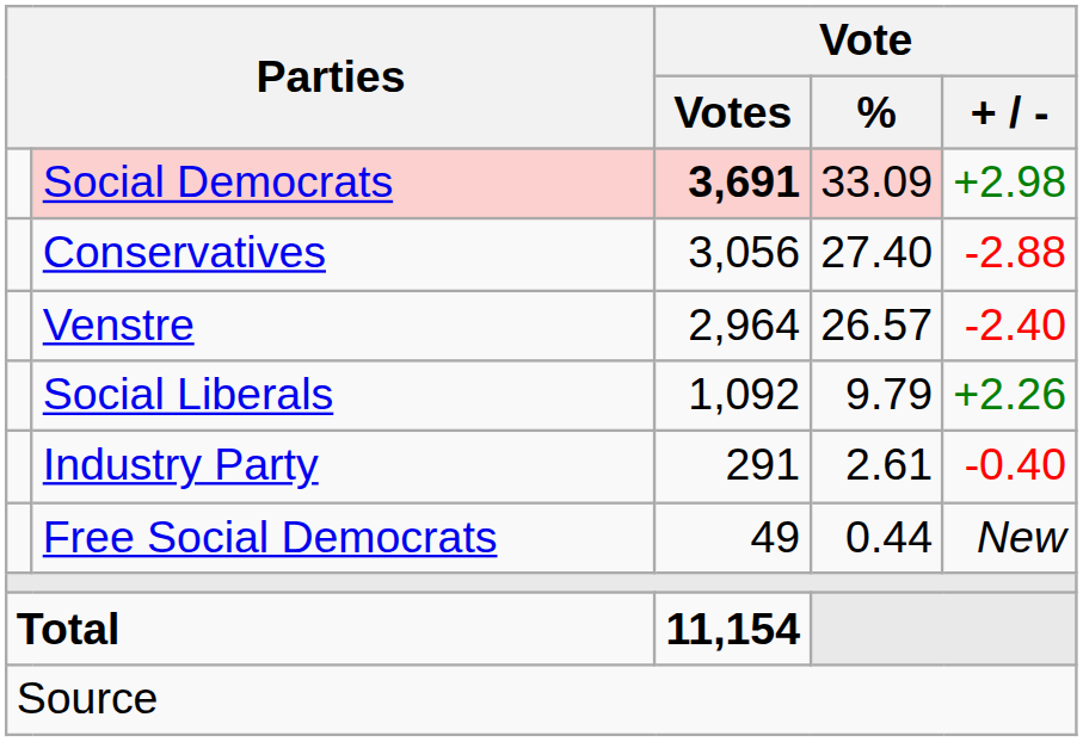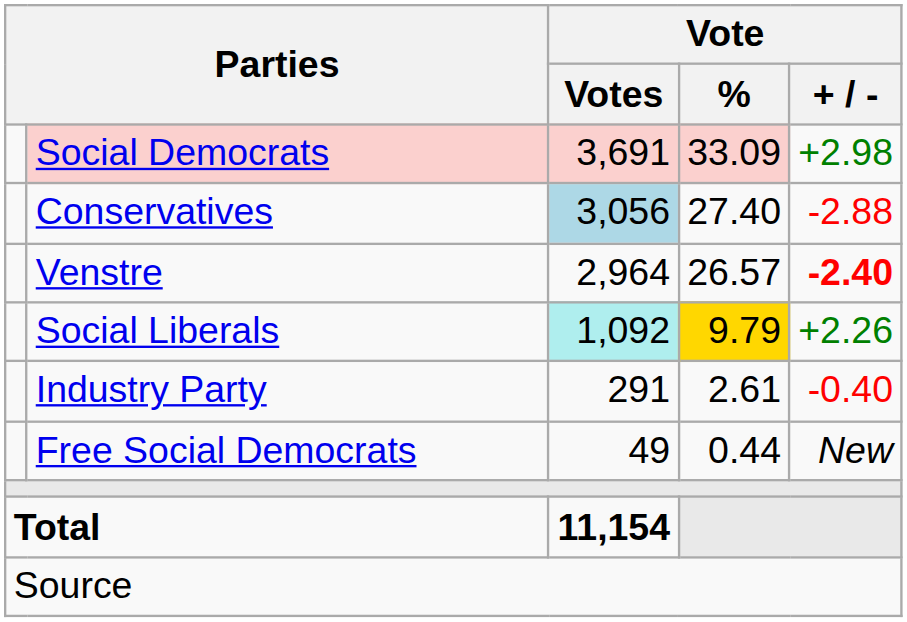 <table class="wikitable" style="text-align:right;">
 <tr>
 <th style="text-align:centre;" rowspan="2" colspan="2" width="225">Parties</th>
 <th colspan="3">Vote</th>
 </tr>
 <tr>
 <th width="15">Votes</th>
 <th width="15">%</th>
 <th width="15">+ / -</th>
 </tr>
 <tr>
 <td width="2" style="color:inherit;background:"></td>
 <td bgcolor=#fbd0ce  align="left"><a href='#'>Social Democrats</a></td>
-<td bgcolor=#fbd0ce><strong>3,691</strong></td>
+<td bgcolor=#fbd0ce>3,691</td>
 <td bgcolor=#fbd0ce>33.09</td>
 <td style=color:green;>+2.98</td>
 </tr>
 <tr>
 <td width="2" style="color:inherit;background:"></td>
 <td align="left"><a href='#'>Conservatives</a></td>
-<td>3,056</td>
+<td style="background: lightblue;">3,056</td>
 <td>27.40</td>
 <td style=color:red;>-2.88</td>
 </tr>
 <tr>
 <td width="2" style="color:inherit;background:"></td>
 <td align="left"><a href='#'>Venstre</a></td>
 <td>2,964</td>
 <td>26.57</td>
-<td style=color:red;>-2.40</td>
+<td style=color:red;><strong>-2.40</strong></td>
 </tr>
 <tr>
 <td width="2" style="color:inherit;background:"></td>
 <td align="left"><a href='#'>Social Liberals</a></td>
-<td>1,092</td>
-<td>9.79</td>
+<td style="background: paleturquoise;">1,092</td>
+<td style="background: gold;">9.79</td>
 <td style=color:green;>+2.26</td>
 </tr>
 <tr>
 <td width="2" style="color:inherit;background:"></td>
 <td align="left"><a href='#'>Industry Party</a></td>
 <td>291</td>
 <td>2.61</td>
 <td style=color:red;>-0.40</td>
 </tr>
 <tr>
 <td width="2" style="color:inherit;background:"></td>
 <td align="left"><a href='#'>Free Social Democrats</a></td>
 <td>49</td>
 <td>0.44</td>
 <td><em>New</em></td>
 </tr>
 <tr>
 <td colspan="7" bgcolor="#E9E9E9"></td>
 </tr>
 <tr>
 <td align="left" colspan="2"><strong>Total</strong></td>
 <td><strong>11,154</strong></td>
 <td bgcolor="#E9E9E9" colspan="2"></td>
 </tr>
 <tr>
 <td align="left" colspan="6">Source</td>
 </tr>
 </table>
